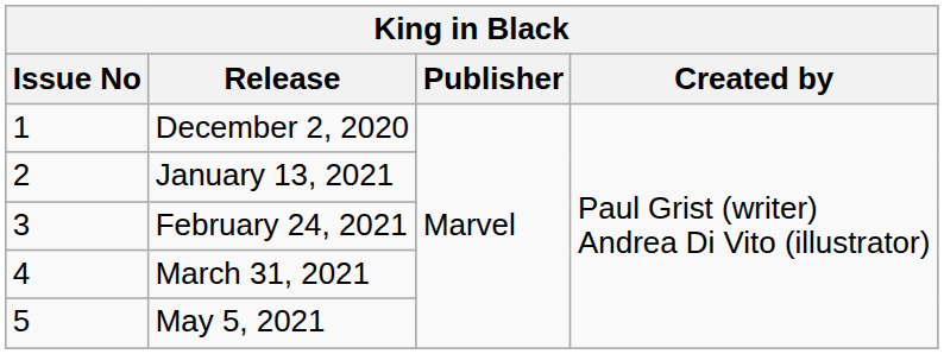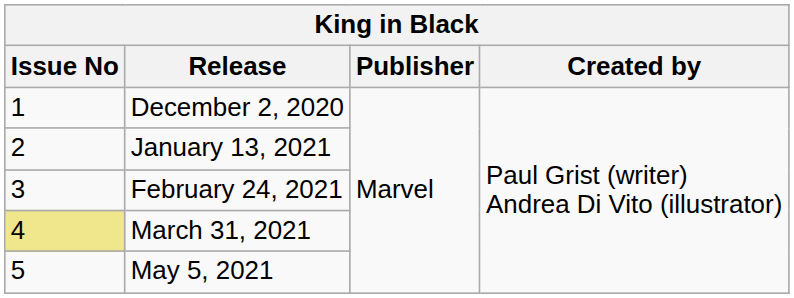 <table class="wikitable">
 <tr>
 <th colspan="4">King in Black</th>
 </tr>
 <tr>
 <th>Issue No</th>
 <th>Release</th>
 <th>Publisher</th>
 <th>Created by</th>
 </tr>
 <tr>
 <td>1</td>
 <td>December 2, 2020</td>
 <td rowspan="5">Marvel</td>
 <td rowspan="5">Paul Grist (writer)<br>Andrea Di Vito (illustrator)</td>
 </tr>
 <tr>
 <td>2</td>
 <td>January 13, 2021</td>
 </tr>
 <tr>
 <td>3</td>
 <td>February 24, 2021</td>
 </tr>
 <tr>
-<td>4</td>
+<td style="background: khaki;">4</td>
 <td>March 31, 2021</td>
 </tr>
 <tr>
 <td>5</td>
 <td>May 5, 2021</td>
 </tr>
 </table>
